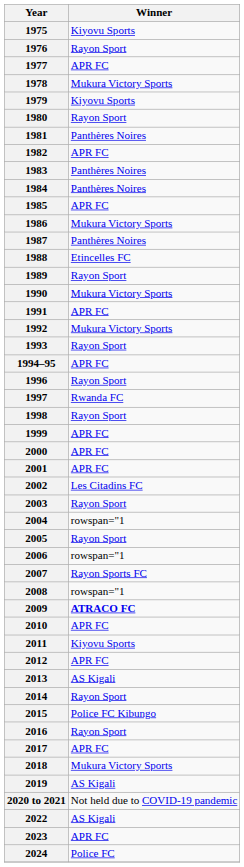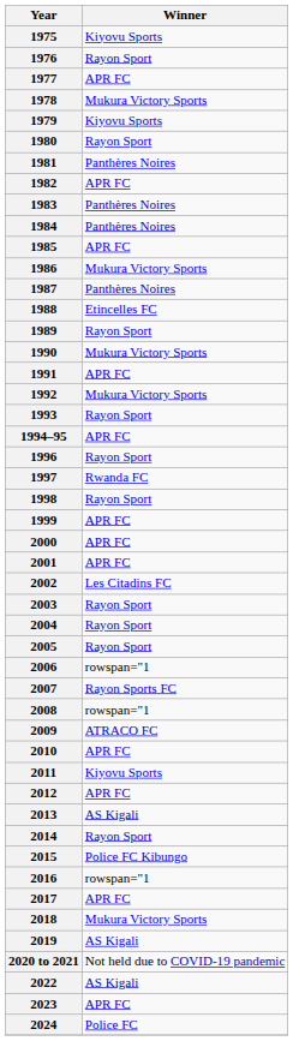 <table class="sortable plainrowheaders wikitable">
 <tr>
 <th scope=col>Year</th>
 <th scope=col>Winner</th>
 </tr>
 <tr>
 <th scope=row style=text-align:center>1975</th>
 <td><a href='#'>Kiyovu Sports</a></td>
 </tr>
 <tr>
 <th scope=row style=text-align:center>1976</th>
 <td><a href='#'>Rayon Sport</a></td>
 </tr>
 <tr>
 <th scope=row style=text-align:center>1977</th>
 <td><a href='#'>APR FC</a></td>
 </tr>
 <tr>
 <th scope=row style=text-align:center>1978</th>
 <td><a href='#'>Mukura Victory Sports</a></td>
 </tr>
 <tr>
 <th scope=row style=text-align:center>1979</th>
 <td><a href='#'>Kiyovu Sports</a></td>
 </tr>
 <tr>
 <th scope=row style=text-align:center>1980</th>
 <td><a href='#'>Rayon Sport</a></td>
 </tr>
 <tr>
 <th scope=row style=text-align:center>1981</th>
 <td><a href='#'>Panthères Noires</a></td>
 </tr>
 <tr>
 <th scope=row style=text-align:center>1982</th>
 <td><a href='#'>APR FC</a></td>
 </tr>
 <tr>
 <th scope=row style=text-align:center>1983</th>
 <td><a href='#'>Panthères Noires</a></td>
 </tr>
 <tr>
 <th scope=row style=text-align:center>1984</th>
 <td><a href='#'>Panthères Noires</a></td>
 </tr>
 <tr>
 <th scope=row style=text-align:center>1985</th>
 <td><a href='#'>APR FC</a></td>
 </tr>
 <tr>
 <th scope=row style=text-align:center>1986</th>
 <td><a href='#'>Mukura Victory Sports</a></td>
 </tr>
 <tr>
 <th scope=row style=text-align:center>1987</th>
 <td><a href='#'>Panthères Noires</a></td>
 </tr>
 <tr>
 <th scope=row style=text-align:center>1988</th>
 <td><a href='#'>Etincelles FC</a></td>
 </tr>
 <tr>
 <th scope=row style=text-align:center>1989</th>
 <td><a href='#'>Rayon Sport</a></td>
 </tr>
 <tr>
 <th scope=row style=text-align:center>1990</th>
 <td><a href='#'>Mukura Victory Sports</a></td>
 </tr>
 <tr>
 <th scope=row style=text-align:center>1991</th>
 <td><a href='#'>APR FC</a></td>
 </tr>
 <tr>
 <th scope=row style=text-align:center>1992</th>
 <td><a href='#'>Mukura Victory Sports</a></td>
 </tr>
 <tr>
 <th scope=row style=text-align:center>1993</th>
 <td><a href='#'>Rayon Sport</a></td>
 </tr>
 <tr>
 <th scope=row style=text-align:center>1994–95</th>
 <td><a href='#'>APR FC</a></td>
 </tr>
 <tr>
 <th scope=row style=text-align:center>1996</th>
 <td><a href='#'>Rayon Sport</a></td>
 </tr>
 <tr>
 <th scope=row style=text-align:center>1997</th>
 <td><a href='#'>Rwanda FC</a></td>
 </tr>
 <tr>
 <th scope=row style=text-align:center>1998</th>
 <td><a href='#'>Rayon Sport</a></td>
 </tr>
 <tr>
 <th scope=row style=text-align:center>1999</th>
 <td><a href='#'>APR FC</a></td>
 </tr>
 <tr>
 <th scope=row style=text-align:center>2000</th>
 <td><a href='#'>APR FC</a></td>
 </tr>
 <tr>
 <th scope=row style=text-align:center>2001</th>
 <td><a href='#'>APR FC</a></td>
 </tr>
 <tr>
 <th scope=row style=text-align:center>2002</th>
 <td><a href='#'>Les Citadins FC</a></td>
 </tr>
 <tr>
 <th scope=row style=text-align:center>2003</th>
 <td><a href='#'>Rayon Sport</a></td>
 </tr>
 <tr>
 <th scope=row style=text-align:center>2004</th>
-<td>rowspan="1 </td>
+<td><a href='#'>Rayon Sport</a></td>
 </tr>
 <tr>
 <th scope=row style=text-align:center>2005</th>
 <td><a href='#'>Rayon Sport</a></td>
 </tr>
 <tr>
 <th scope=row style=text-align:center>2006</th>
 <td>rowspan="1 </td>
 </tr>
 <tr>
 <th scope=row style=text-align:center>2007</th>
 <td><a href='#'>Rayon Sports FC</a></td>
 </tr>
 <tr>
 <th scope=row style=text-align:center>2008</th>
 <td>rowspan="1 </td>
 </tr>
 <tr>
 <th scope=row style=text-align:center>2009</th>
-<td><strong><a href='#'>ATRACO FC</a></strong></td>
+<td><a href='#'>ATRACO FC</a></td>
 </tr>
 <tr>
 <th scope=row style=text-align:center>2010</th>
 <td><a href='#'>APR FC</a></td>
 </tr>
 <tr>
 <th scope=row style=text-align:center>2011</th>
 <td><a href='#'>Kiyovu Sports</a></td>
 </tr>
 <tr>
 <th scope=row style=text-align:center>2012</th>
 <td><a href='#'>APR FC</a></td>
 </tr>
 <tr>
 <th scope=row style=text-align:center>2013</th>
 <td><a href='#'>AS Kigali</a></td>
 </tr>
 <tr>
 <th scope=row style=text-align:center>2014</th>
 <td><a href='#'>Rayon Sport</a></td>
 </tr>
 <tr>
 <th scope=row style=text-align:center>2015</th>
 <td><a href='#'>Police FC Kibungo</a></td>
 </tr>
 <tr>
 <th scope=row style=text-align:center>2016</th>
-<td><a href='#'>Rayon Sport</a></td>
+<td>rowspan="1 </td>
 </tr>
 <tr>
 <th scope=row style=text-align:center>2017</th>
 <td><a href='#'>APR FC</a></td>
 </tr>
 <tr>
 <th scope=row style=text-align:center>2018</th>
 <td><a href='#'>Mukura Victory Sports</a></td>
 </tr>
 <tr>
 <th scope=row style=text-align:center>2019</th>
 <td><a href='#'>AS Kigali</a></td>
 </tr>
 <tr>
 <th scope=row style=text-align:center>2020 to 2021</th>
 <td rowspan="1">Not held due to <a href='#'>COVID-19 pandemic</a></td>
 </tr>
 <tr>
 <th scope=row style=text-align:center>2022</th>
 <td><a href='#'>AS Kigali</a></td>
 </tr>
 <tr>
 <th scope=row style=text-align:center>2023</th>
 <td><a href='#'>APR FC</a></td>
 </tr>
 <tr>
 <th scope=row style=text-align:center>2024</th>
 <td><a href='#'>Police FC</a></td>
 </tr>
 <tr>
 </tr>
 </table>
